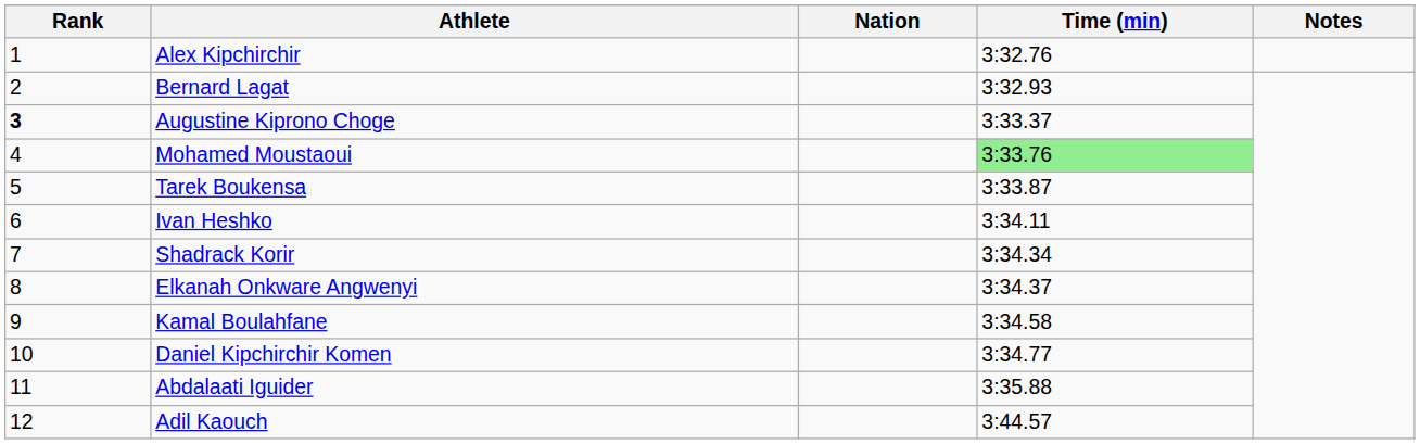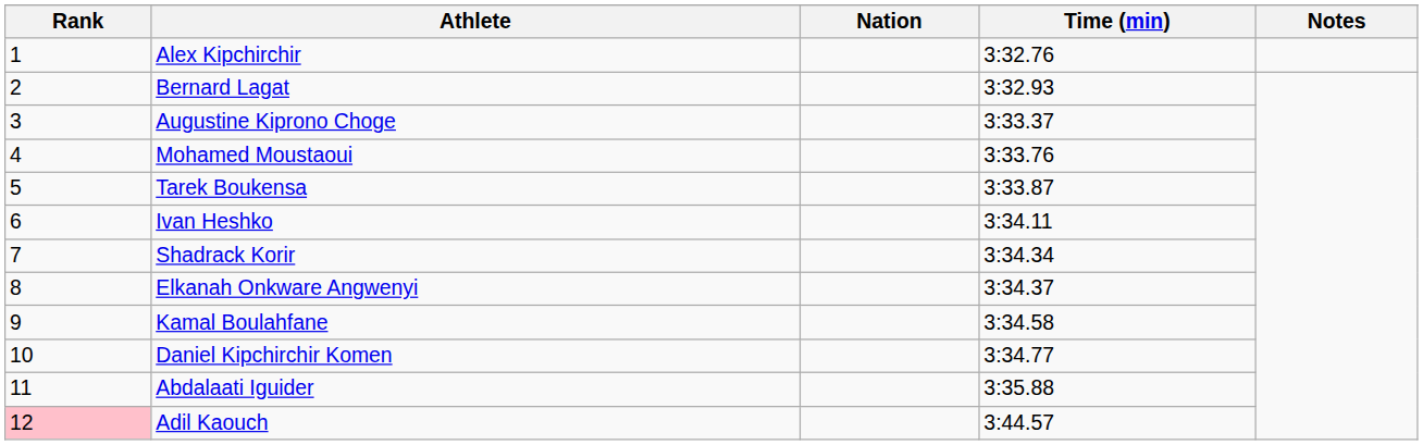 <table class="wikitable" width=85%>
 <tr>
 </tr>
 <tr>
 <th>Rank</th>
 <th>Athlete</th>
 <th>Nation</th>
 <th>Time (<a href='#'>min</a>)</th>
 <th>Notes</th>
 </tr>
 <tr>
 <td>1</td>
 <td><a href='#'>Alex Kipchirchir</a></td>
 <td></td>
 <td>3:32.76</td>
 <td></td>
 </tr>
 <tr>
 <td>2</td>
 <td><a href='#'>Bernard Lagat</a></td>
 <td></td>
 <td>3:32.93</td>
 </tr>
 <tr>
-<td><strong>3</strong></td>
+<td>3</td>
 <td><a href='#'>Augustine Kiprono Choge</a></td>
 <td></td>
 <td>3:33.37</td>
 </tr>
 <tr>
 <td>4</td>
 <td><a href='#'>Mohamed Moustaoui</a></td>
 <td></td>
-<td style="background: lightgreen;">3:33.76</td>
+<td>3:33.76</td>
 </tr>
 <tr>
 <td>5</td>
 <td><a href='#'>Tarek Boukensa</a></td>
 <td></td>
 <td>3:33.87</td>
 </tr>
 <tr>
 <td>6</td>
 <td><a href='#'>Ivan Heshko</a></td>
 <td></td>
 <td>3:34.11</td>
 </tr>
 <tr>
 <td>7</td>
 <td><a href='#'>Shadrack Korir</a></td>
 <td></td>
 <td>3:34.34</td>
 </tr>
 <tr>
 <td>8</td>
 <td><a href='#'>Elkanah Onkware Angwenyi</a></td>
 <td></td>
 <td>3:34.37</td>
 </tr>
 <tr>
 <td>9</td>
 <td><a href='#'>Kamal Boulahfane</a></td>
 <td></td>
 <td>3:34.58</td>
 </tr>
 <tr>
 <td>10</td>
 <td><a href='#'>Daniel Kipchirchir Komen</a></td>
 <td></td>
 <td>3:34.77</td>
 </tr>
 <tr>
 <td>11</td>
 <td><a href='#'>Abdalaati Iguider</a></td>
 <td></td>
 <td>3:35.88</td>
 </tr>
 <tr>
-<td>12</td>
+<td style="background: pink;">12</td>
 <td><a href='#'>Adil Kaouch</a></td>
 <td></td>
 <td>3:44.57</td>
 </tr>
 </table>
